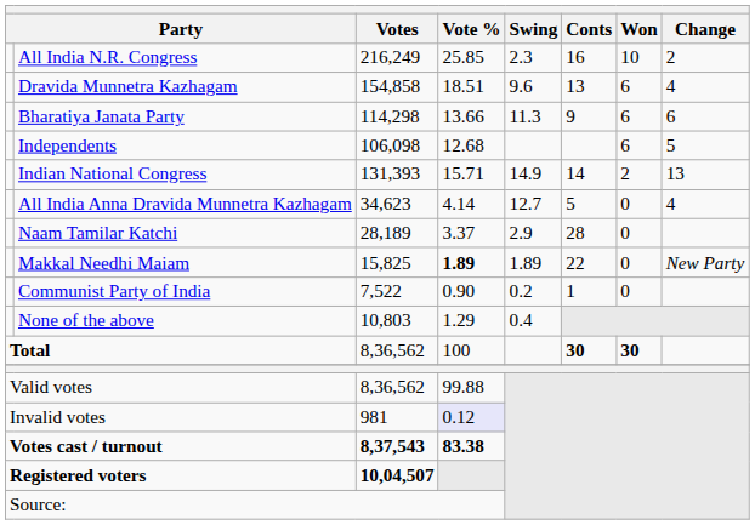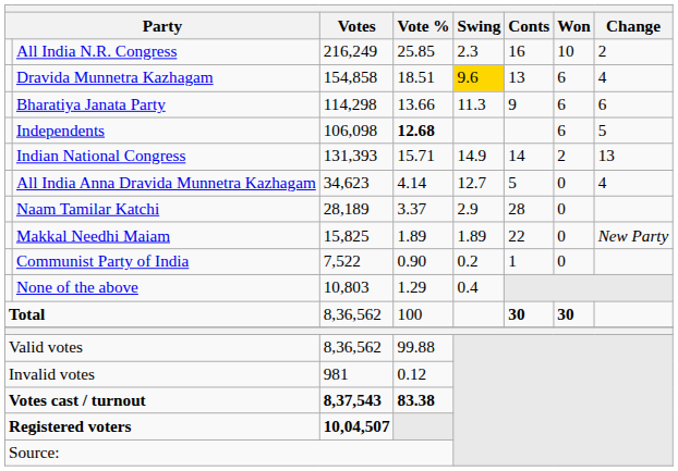 <table class="wikitable sortable">
 <tr>
 <th colspan="9"></th>
 </tr>
 <tr valign="top">
 <th Colspan=2>Party</th>
 <th>Votes</th>
 <th>Vote %</th>
 <th>Swing</th>
 <th>Conts</th>
 <th>Won</th>
 <th>Change</th>
 </tr>
 <tr>
 <td style="background-color:"></td>
 <td><a href='#'>All India N.R. Congress</a></td>
 <td>216,249</td>
 <td>25.85</td>
 <td> 2.3</td>
 <td>16</td>
 <td>10</td>
 <td> 2</td>
 </tr>
 <tr>
 <td style="background-color:"></td>
 <td style="text-align:left;"><a href='#'>Dravida Munnetra Kazhagam</a></td>
 <td>154,858</td>
 <td>18.51</td>
-<td> 9.6</td>
+<td style="background: gold;"> 9.6</td>
 <td>13</td>
 <td>6</td>
 <td> 4</td>
 </tr>
 <tr>
 <td style="background-color:"></td>
 <td><a href='#'>Bharatiya Janata Party</a></td>
 <td>114,298</td>
 <td>13.66</td>
 <td> 11.3</td>
 <td>9</td>
 <td>6</td>
 <td> 6</td>
 </tr>
 <tr>
 <td style="background-color:"></td>
 <td><a href='#'>Independents</a></td>
 <td>106,098</td>
-<td>12.68</td>
+<td><strong>12.68</strong></td>
 <td></td>
 <td></td>
 <td>6</td>
 <td> 5</td>
 </tr>
 <tr>
 <td style="background-color:"></td>
 <td><a href='#'>Indian National Congress</a></td>
 <td>131,393</td>
 <td>15.71</td>
 <td> 14.9</td>
 <td>14</td>
 <td>2</td>
 <td> 13</td>
 </tr>
 <tr>
 <td style="background-color:"></td>
 <td><a href='#'>All India Anna Dravida Munnetra Kazhagam</a></td>
 <td>34,623</td>
 <td>4.14</td>
 <td> 12.7</td>
 <td>5</td>
 <td>0</td>
 <td> 4</td>
 </tr>
 <tr>
 <td style="background-color:"></td>
 <td><a href='#'>Naam Tamilar Katchi</a></td>
 <td>28,189</td>
 <td>3.37</td>
 <td> 2.9</td>
 <td>28</td>
 <td>0</td>
 <td></td>
 </tr>
 <tr>
 <td style="background-color:"></td>
 <td><a href='#'>Makkal Needhi Maiam</a></td>
 <td>15,825</td>
-<td><strong>1.89</strong></td>
+<td>1.89</td>
 <td> 1.89</td>
 <td>22</td>
 <td>0</td>
 <td><em>New Party</em></td>
 </tr>
 <tr>
 <td style="background-color:"></td>
 <td><a href='#'>Communist Party of India</a></td>
 <td>7,522</td>
 <td>0.90</td>
 <td> 0.2</td>
 <td>1</td>
 <td>0</td>
 <td></td>
 </tr>
 <tr>
 <td style="background-color:"></td>
 <td><a href='#'>None of the above</a></td>
 <td>10,803</td>
 <td>1.29</td>
 <td> 0.4</td>
 <td colspan="3" style="background-color:#E9E9E9"></td>
 </tr>
 <tr>
 <td colspan=2><strong>Total</strong></td>
 <td>8,36,562</td>
 <td>100</td>
 <td></td>
 <td><strong>30</strong></td>
 <td><strong>30</strong></td>
 <td></td>
 </tr>
 <tr>
 </tr>
 <tr>
 <th colspan="8"></th>
 </tr>
 <tr>
 <td style="text-align:left;" colspan="2">Valid votes</td>
 <td>8,36,562</td>
 <td>99.88</td>
 <td colspan="4" rowspan="5" style="background-color:#E9E9E9"></td>
 </tr>
 <tr>
 <td style="text-align:left;" colspan="2">Invalid votes</td>
 <td>981</td>
-<td style="background: lavender;">0.12</td>
+<td>0.12</td>
 </tr>
 <tr>
 <td style="text-align:left;" colspan="2"><strong>Votes cast / turnout</strong></td>
 <td><strong>8,37,543</strong></td>
 <td><strong>83.38</strong></td>
 </tr>
 <tr>
 <td style="text-align:left;" colspan="2"><strong>Registered voters</strong></td>
 <td><strong>10,04,507</strong></td>
 <td colspan="1" style="background-color:#E9E9E9"></td>
 </tr>
 <tr>
 <td colspan="8" align="left">Source:</td>
 </tr>
 </table>
